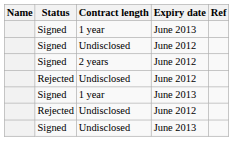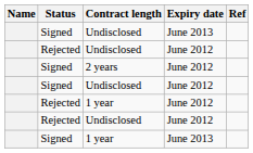 <table class="wikitable sortable plainrowheaders">
 <tr>
 <th scope=col>Name</th>
 <th scope=col>Status</th>
 <th scope=col>Contract length</th>
 <th scope=col>Expiry date</th>
 <th scope=col class=unsortable>Ref</th>
 </tr>
 <tr>
 <th scope=row></th>
 <td>Signed</td>
-<td>1 year</td>
+<td>Undisclosed</td>
 <td>June 2013</td>
+<td style="text-align:center;"></td>
+</tr>
+<tr>
+<th scope=row></th>
+<td>Rejected</td>
+<td>Undisclosed</td>
+<td>June 2012</td>
+<td style="text-align:center;"></td>
+</tr>
+<tr>
+<th scope=row></th>
+<td>Signed</td>
+<td>2 years</td>
+<td>June 2012</td>
 <td style="text-align:center;"></td>
 </tr>
 <tr>
 <th scope=row></th>
 <td>Signed</td>
 <td>Undisclosed</td>
 <td>June 2012</td>
 <td style="text-align:center;"></td>
 </tr>
 <tr>
 <th scope=row></th>
-<td>Signed</td>
-<td>2 years</td>
+<td>Rejected</td>
+<td>1 year</td>
 <td>June 2012</td>
 <td style="text-align:center;"></td>
 </tr>
 <tr>
 <th scope=row></th>
 <td>Rejected</td>
 <td>Undisclosed</td>
 <td>June 2012</td>
 <td style="text-align:center;"></td>
 </tr>
 <tr>
 <th scope=row></th>
 <td>Signed</td>
 <td>1 year</td>
 <td>June 2013</td>
 <td style="text-align:center;"></td>
 </tr>
-<tr>
-<th scope=row></th>
-<td>Rejected</td>
-<td>Undisclosed</td>
-<td>June 2012</td>
-<td style="text-align:center;"></td>
-</tr>
-<tr>
-<th scope=row></th>
-<td>Signed</td>
-<td>Undisclosed</td>
-<td>June 2013</td>
-<td style="text-align:center;"></td>
-</tr>
 </table>
